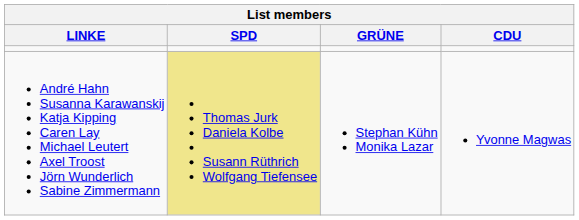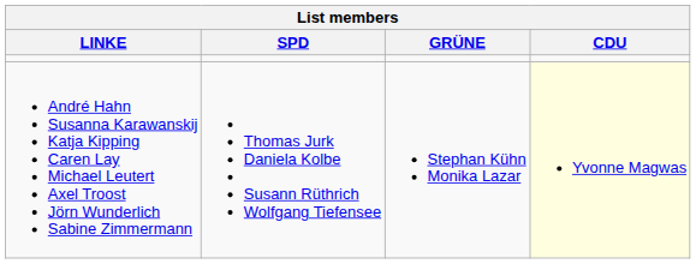 <table class=wikitable>
 <tr>
 <th colspan=4>List members</th>
 </tr>
 <tr>
 <th><a href='#'>LINKE</a></th>
 <th><a href='#'>SPD</a></th>
 <th><a href='#'>GRÜNE</a></th>
 <th><a href='#'>CDU</a></th>
 </tr>
 <tr>
 <td bgcolor=></td>
 <td bgcolor=></td>
 <td bgcolor=></td>
 <td bgcolor=></td>
 </tr>
 <tr>
 <td><br><ul><li><a href='#'>André Hahn</a></li><li><a href='#'>Susanna Karawanskij</a></li><li><a href='#'>Katja Kipping</a></li><li><a href='#'>Caren Lay</a></li><li><a href='#'>Michael Leutert</a></li><li><a href='#'>Axel Troost</a></li><li><a href='#'>Jörn Wunderlich</a></li><li><a href='#'>Sabine Zimmermann</a></li></ul></td>
-<td style="background: khaki;"><br><ul><li></li><li><a href='#'>Thomas Jurk</a></li><li><a href='#'>Daniela Kolbe</a></li><li></li><li><a href='#'>Susann Rüthrich</a></li><li><a href='#'>Wolfgang Tiefensee</a></li></ul></td>
+<td><br><ul><li></li><li><a href='#'>Thomas Jurk</a></li><li><a href='#'>Daniela Kolbe</a></li><li></li><li><a href='#'>Susann Rüthrich</a></li><li><a href='#'>Wolfgang Tiefensee</a></li></ul></td>
 <td><br><ul><li><a href='#'>Stephan Kühn</a></li><li><a href='#'>Monika Lazar</a></li></ul></td>
-<td><br><ul><li><a href='#'>Yvonne Magwas</a></li></ul></td>
+<td style="background: lightyellow;"><br><ul><li><a href='#'>Yvonne Magwas</a></li></ul></td>
 </tr>
 </table>
